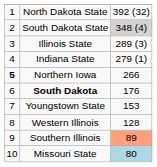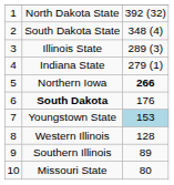 <table class="wikitable">
 <tr align="center">
 </tr>
 <tr align="center">
 <td>1</td>
 <td>North Dakota State</td>
 <td>392 (32)</td>
 </tr>
 <tr align="center">
 <td>2</td>
 <td>South Dakota State</td>
-<td style="background: lightgrey;">348 (4)</td>
+<td>348 (4)</td>
 </tr>
 <tr align="center">
 <td>3</td>
 <td>Illinois State</td>
 <td>289 (3)</td>
 </tr>
 <tr align="center">
 <td>4</td>
 <td>Indiana State</td>
 <td>279 (1)</td>
 </tr>
 <tr align="center">
-<td><strong>5</strong></td>
+<td>5</td>
 <td>Northern Iowa</td>
-<td>266</td>
+<td><strong>266</strong></td>
 </tr>
 <tr align="center">
 <td>6</td>
 <td><strong>South Dakota</strong></td>
 <td>176</td>
 </tr>
 <tr align="center">
 <td>7</td>
 <td>Youngstown State</td>
-<td>153</td>
+<td style="background: lightblue;">153</td>
 </tr>
 <tr align="center">
 <td>8</td>
 <td>Western Illinois</td>
 <td>128</td>
 </tr>
 <tr align="center">
 <td>9</td>
 <td>Southern Illinois</td>
-<td style="background: lightsalmon;">89</td>
+<td>89</td>
 </tr>
 <tr align="center">
 <td>10</td>
 <td>Missouri State</td>
-<td style="background: lightblue;">80</td>
+<td>80</td>
 </tr>
 </table>
